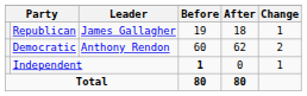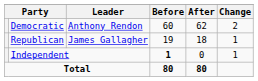 <table class="wikitable" style="text-align:center;">
 <tr>
 </tr>
 <tr>
 <th colspan=2>Party</th>
 <th>Leader</th>
 <th style="width:3em">Before</th>
 <th style="width:3em">After</th>
 <th style="width:3em">Change</th>
 </tr>
 <tr>
 <th style="background-color:"></th>
+<td style="text-align:left;"><a href='#'>Democratic</a></td>
+<td style="text-align:left;"><a href='#'>Anthony Rendon</a></td>
+<td>60</td>
+<td>62</td>
+<td> 2</td>
+</tr>
+<tr>
+<th style="background-color:"></th>
 <td style="text-align:left;"><a href='#'>Republican</a></td>
 <td style="text-align:left;"><a href='#'>James Gallagher</a></td>
 <td>19</td>
 <td>18</td>
 <td> 1</td>
-</tr>
-<tr>
-<th style="background-color:"></th>
-<td style="text-align:left;"><a href='#'>Democratic</a></td>
-<td style="text-align:left;"><a href='#'>Anthony Rendon</a></td>
-<td>60</td>
-<td>62</td>
-<td> 2</td>
 </tr>
 <tr>
 <th style="background-color:"></th>
 <td colspan=2 style="text-align:left;"><a href='#'>Independent</a></td>
 <td><strong>1</strong></td>
 <td>0</td>
 <td> 1</td>
 </tr>
 <tr>
 <td colspan=3><strong>Total</strong></td>
 <td><strong>80</strong></td>
 <td><strong>80</strong></td>
 <td></td>
 </tr>
 </table>
